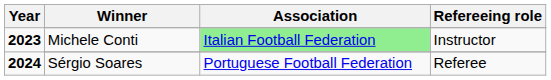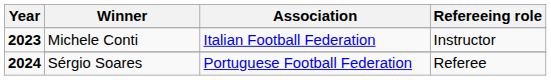 <table class="wikitable">
 <tr>
 <th>Year</th>
 <th width=160>Winner</th>
 <th width=240>Association</th>
 <th>Refereeing role</th>
 </tr>
 <tr>
 <td rowspan="2" style="text-align:center;"><strong>2023</strong></td>
 </tr>
 <tr>
 <td>Michele Conti</td>
-<td style="background: lightgreen;"> <a href='#'>Italian Football Federation</a></td>
+<td> <a href='#'>Italian Football Federation</a></td>
 <td>Instructor</td>
 </tr>
 <tr>
 <td rowspan="2" style="text-align:center;"><strong>2024</strong></td>
 </tr>
 <tr>
 <td>Sérgio Soares</td>
 <td> <a href='#'>Portuguese Football Federation</a></td>
 <td>Referee</td>
 </tr>
 </table>
